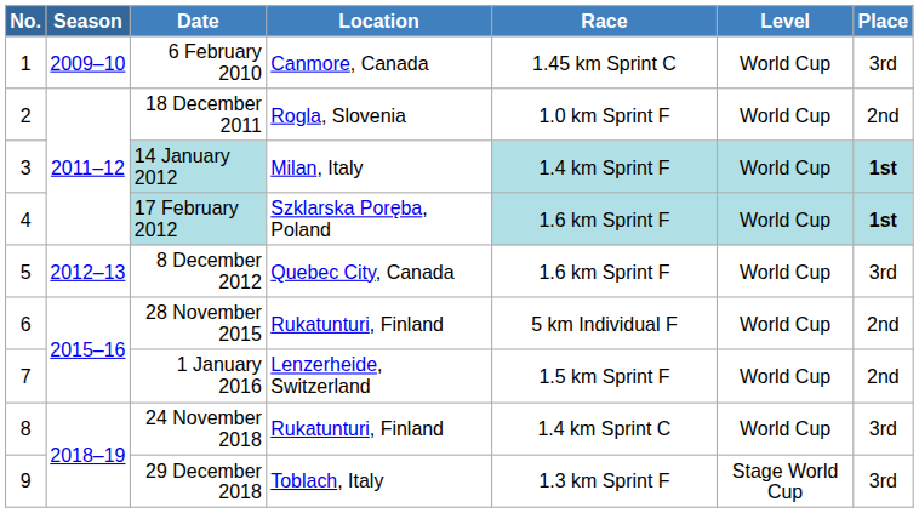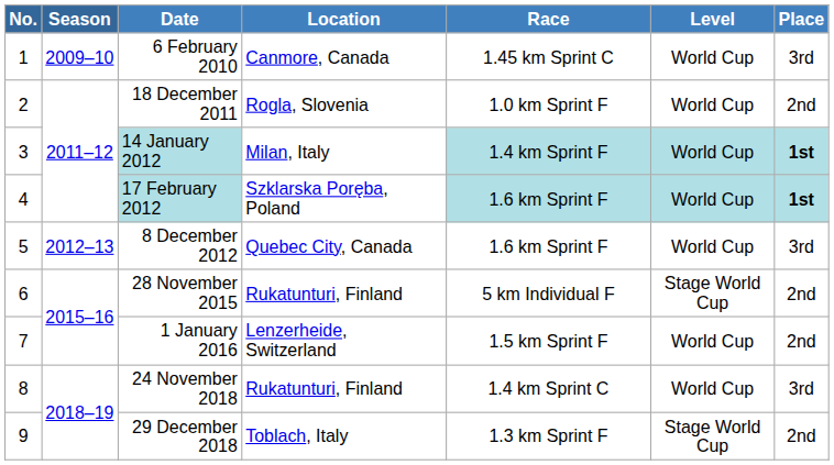 <table class="wikitable sortable" style="font-size:95%; text-align:center; border:grey solid 1px; border-collapse:collapse; background:#ffffff;">
 <tr style="background:#efefef;">
 <th style="background-color:#369; color:white;">No.</th>
 <th style="background-color:#369; color:white;">Season</th>
 <th style="background-color:#4180be; color:white; width:100px;">Date</th>
 <th style="background-color:#4180be; color:white; width:170px;">Location</th>
 <th style="background-color:#4180be; color:white; width:170px;">Race</th>
 <th style="background-color:#4180be; color:white; width:100px;">Level</th>
 <th style="background-color:#4180be; color:white;">Place</th>
 </tr>
 <tr>
 <td align=center>1</td>
 <td rowspan=1 align=center><a href='#'>2009–10</a></td>
 <td align=right>6 February 2010</td>
 <td align=left> <a href='#'>Canmore</a>, Canada</td>
 <td>1.45 km Sprint C</td>
 <td>World Cup</td>
 <td>3rd</td>
 </tr>
 <tr>
 <td align=center>2</td>
 <td rowspan=3 align=center><a href='#'>2011–12</a></td>
 <td align=right>18 December 2011</td>
 <td align=left> <a href='#'>Rogla</a>, Slovenia</td>
 <td>1.0 km Sprint F</td>
 <td>World Cup</td>
 <td>2nd</td>
 </tr>
 <tr>
 <td align=center>3</td>
 <td align=left bgcolor="#BOEOE6" align=right>14 January 2012</td>
 <td align=left> <a href='#'>Milan</a>, Italy</td>
 <td bgcolor="#BOEOE6" align=center>1.4 km Sprint F</td>
 <td bgcolor="#BOEOE6">World Cup</td>
 <td bgcolor="#BOEOE6"><strong>1st</strong></td>
 </tr>
 <tr>
 <td align=center>4</td>
 <td align=left bgcolor="#BOEOE6" align=right>17 February 2012</td>
 <td align=left> <a href='#'>Szklarska Poręba</a>, Poland</td>
 <td bgcolor="#BOEOE6" align=center>1.6 km Sprint F</td>
 <td bgcolor="#BOEOE6">World Cup</td>
 <td bgcolor="#BOEOE6"><strong>1st</strong></td>
 </tr>
 <tr>
 <td align=center>5</td>
 <td rowspan=1 align=center><a href='#'>2012–13</a></td>
 <td align=right>8 December 2012</td>
 <td align=left> <a href='#'>Quebec City</a>, Canada</td>
 <td>1.6 km Sprint F</td>
 <td>World Cup</td>
 <td>3rd</td>
 </tr>
 <tr>
 <td align=center>6</td>
 <td rowspan=2 align=center><a href='#'>2015–16</a></td>
 <td align=right>28 November 2015</td>
 <td align=left> <a href='#'>Rukatunturi</a>, Finland</td>
 <td>5 km Individual F</td>
-<td>World Cup</td>
+<td>Stage World Cup</td>
 <td>2nd</td>
 </tr>
 <tr>
 <td align=center>7</td>
 <td align=right>1 January 2016</td>
 <td align=left> <a href='#'>Lenzerheide</a>, Switzerland</td>
 <td>1.5 km Sprint F</td>
 <td>World Cup</td>
 <td>2nd</td>
 </tr>
 <tr>
 <td align=center>8</td>
 <td rowspan=2 align=center><a href='#'>2018–19</a></td>
 <td align=right>24 November 2018</td>
 <td align=left> <a href='#'>Rukatunturi</a>, Finland</td>
 <td>1.4 km Sprint C</td>
 <td>World Cup</td>
 <td>3rd</td>
 </tr>
 <tr>
 <td align=center>9</td>
 <td align=right>29 December 2018</td>
 <td align=left> <a href='#'>Toblach</a>, Italy</td>
 <td>1.3 km Sprint F</td>
 <td>Stage World Cup</td>
-<td>3rd</td>
+<td>2nd</td>
 </tr>
 </table>
